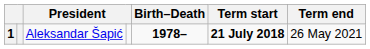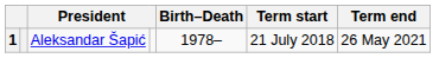 <table class="wikitable" style="text-align:center">
 <tr>
 <th colspan="2"></th>
 <th colspan="2">President</th>
 <th>Birth–Death</th>
 <th>Term start</th>
 <th>Term end</th>
 </tr>
 <tr>
 <th>1</th>
 <th style="background:"></th>
 <td><a href='#'>Aleksandar Šapić</a></td>
 <td></td>
-<td><strong>1978–</strong></td>
-<td><strong>21 July 2018</strong></td>
+<td>1978–</td>
+<td>21 July 2018</td>
 <td>26 May 2021</td>
 </tr>
 </table>
